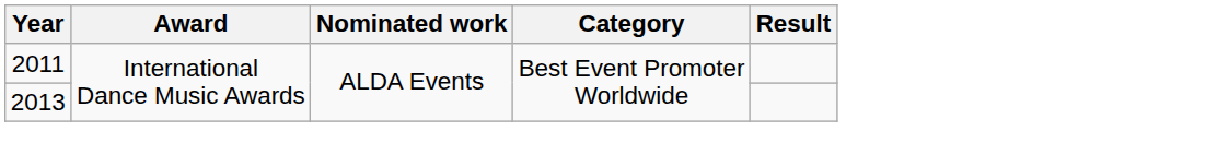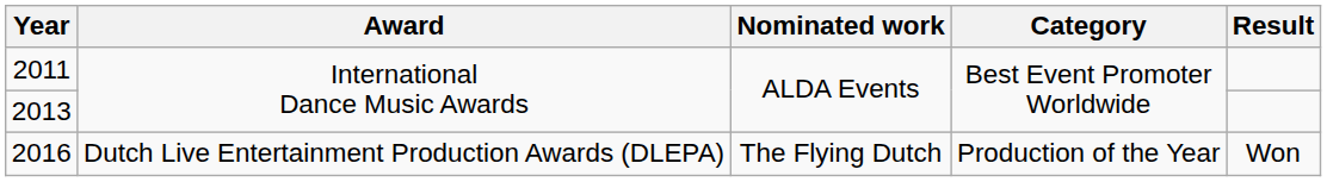 <table class="wikitable plainrowheaders" style="text-align:center;">
 <tr>
 <th>Year</th>
 <th>Award</th>
 <th>Nominated work</th>
 <th>Category</th>
 <th>Result</th>
 </tr>
 <tr>
 <td rowspan="1">2011</td>
 <td rowspan="2">International<br>Dance Music Awards</td>
 <td rowspan="2">ALDA Events</td>
 <td rowspan="2">Best Event Promoter<br>Worldwide</td>
 <td></td>
 </tr>
 <tr>
 <td rowspan="1">2013</td>
 <td></td>
 </tr>
+<tr>
+<td>2016</td>
+<td>Dutch Live Entertainment Production Awards (DLEPA)</td>
+<td>The Flying Dutch</td>
+<td>Production of the Year</td>
+<td>Won</td>
+</tr>
 </table>
